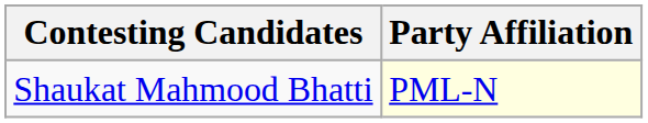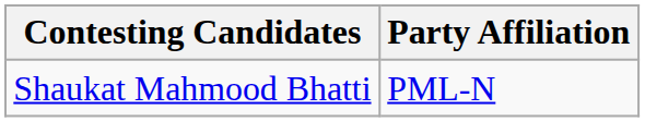 <table class="wikitable sortable">
 <tr>
 <th>Contesting Candidates</th>
 <th>Party Affiliation</th>
 </tr>
 <tr>
 <td><a href='#'>Shaukat Mahmood Bhatti</a></td>
-<td style="background: lightyellow;"><a href='#'>PML-N</a></td>
+<td><a href='#'>PML-N</a></td>
 </tr>
 </table>
